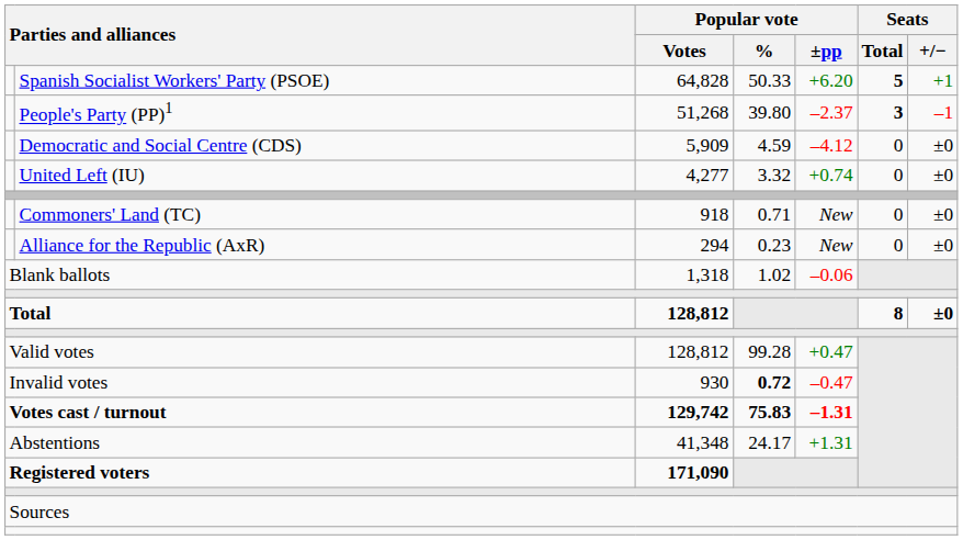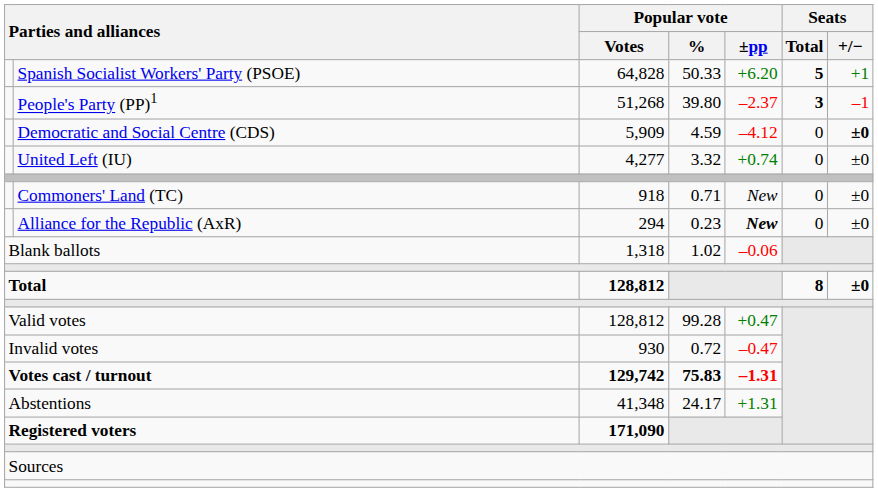 <table class="wikitable" style="text-align:right;">
 <tr>
 <th style="text-align:left;" rowspan="2" colspan="2" width="525">Parties and alliances</th>
 <th colspan="3">Popular vote</th>
 <th colspan="2">Seats</th>
 </tr>
 <tr>
 <th width="75">Votes</th>
 <th width="45">%</th>
 <th width="45">±<a href='#'>pp</a></th>
 <th width="35">Total</th>
 <th width="35">+/−</th>
 </tr>
 <tr>
 <td width="1" style="color:inherit;background:"></td>
 <td align="left"><a href='#'>Spanish Socialist Workers' Party</a> (PSOE)</td>
 <td>64,828</td>
 <td>50.33</td>
 <td style="color:green;">+6.20</td>
 <td><strong>5</strong></td>
 <td style="color:green;">+1</td>
 </tr>
 <tr>
 <td style="color:inherit;background:"></td>
 <td align="left"><a href='#'>People's Party</a> (PP)<sup>1</sup></td>
 <td>51,268</td>
 <td>39.80</td>
 <td style="color:red;">–2.37</td>
 <td><strong>3</strong></td>
 <td style="color:red;">–1</td>
 </tr>
 <tr>
 <td style="color:inherit;background:"></td>
 <td align="left"><a href='#'>Democratic and Social Centre</a> (CDS)</td>
 <td>5,909</td>
 <td>4.59</td>
 <td style="color:red;">–4.12</td>
 <td>0</td>
-<td>±0</td>
+<td><strong>±0</strong></td>
 </tr>
 <tr>
 <td style="color:inherit;background:"></td>
 <td align="left"><a href='#'>United Left</a> (IU)</td>
 <td>4,277</td>
 <td>3.32</td>
 <td style="color:green;">+0.74</td>
 <td>0</td>
 <td>±0</td>
 </tr>
 <tr>
 <td colspan="7" bgcolor="#C0C0C0"></td>
 </tr>
 <tr>
 <td style="color:inherit;background:"></td>
 <td align="left"><a href='#'>Commoners' Land</a> (TC)</td>
 <td>918</td>
 <td>0.71</td>
 <td><em>New</em></td>
 <td>0</td>
 <td>±0</td>
 </tr>
 <tr>
 <td style="color:inherit;background:"></td>
 <td align="left"><a href='#'>Alliance for the Republic</a> (AxR)</td>
 <td>294</td>
 <td>0.23</td>
-<td><em>New</em></td>
+<td><strong><em>New</em></strong></td>
 <td>0</td>
 <td>±0</td>
 </tr>
 <tr>
 <td align="left" colspan="2">Blank ballots</td>
 <td>1,318</td>
 <td>1.02</td>
 <td style="color:red;">–0.06</td>
 <td bgcolor="#E9E9E9" colspan="2"></td>
 </tr>
 <tr>
 <td colspan="7" bgcolor="#E9E9E9"></td>
 </tr>
 <tr style="font-weight:bold;">
 <td align="left" colspan="2">Total</td>
 <td>128,812</td>
 <td bgcolor="#E9E9E9" colspan="2"></td>
 <td>8</td>
 <td>±0</td>
 </tr>
 <tr>
 <td colspan="7" bgcolor="#E9E9E9"></td>
 </tr>
 <tr>
 <td align="left" colspan="2">Valid votes</td>
 <td>128,812</td>
 <td>99.28</td>
 <td style="color:green;">+0.47</td>
 <td bgcolor="#E9E9E9" colspan="2" rowspan="5"></td>
 </tr>
 <tr>
 <td align="left" colspan="2">Invalid votes</td>
 <td>930</td>
-<td><strong>0.72</strong></td>
+<td>0.72</td>
 <td style="color:red;">–0.47</td>
 </tr>
 <tr style="font-weight:bold;">
 <td align="left" colspan="2">Votes cast / turnout</td>
 <td>129,742</td>
 <td>75.83</td>
 <td style="color:red;">–1.31</td>
 </tr>
 <tr>
 <td align="left" colspan="2">Abstentions</td>
 <td>41,348</td>
 <td>24.17</td>
 <td style="color:green;">+1.31</td>
 </tr>
 <tr style="font-weight:bold;">
 <td align="left" colspan="2">Registered voters</td>
 <td>171,090</td>
 <td bgcolor="#E9E9E9" colspan="2"></td>
 </tr>
 <tr>
 <td colspan="7" bgcolor="#E9E9E9"></td>
 </tr>
 <tr>
 <td align="left" colspan="7">Sources</td>
 </tr>
 <tr>
 <td colspan="7" style="text-align:left; max-width:790px;"></td>
 </tr>
 </table>
